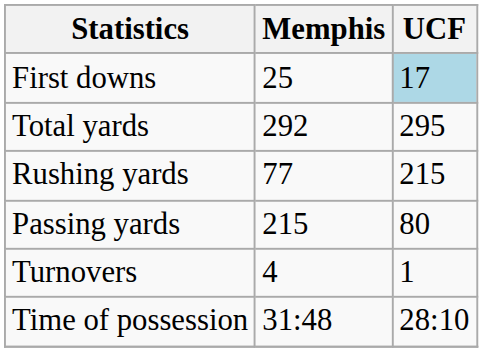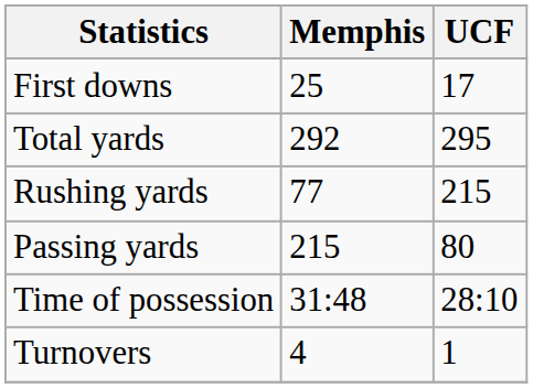 <table class="wikitable">
 <tr>
 <th>Statistics</th>
 <th>Memphis</th>
 <th>UCF</th>
 </tr>
 <tr>
 <td>First downs</td>
 <td>25</td>
-<td style="background: lightblue;">17</td>
+<td>17</td>
 </tr>
 <tr>
 <td>Total yards</td>
 <td>292</td>
 <td>295</td>
 </tr>
 <tr>
 <td>Rushing yards</td>
 <td>77</td>
 <td>215</td>
 </tr>
 <tr>
 <td>Passing yards</td>
 <td>215</td>
 <td>80</td>
 </tr>
 <tr>
+<td>Time of possession</td>
+<td>31:48</td>
+<td>28:10</td>
+</tr>
+<tr>
 <td>Turnovers</td>
 <td>4</td>
 <td>1</td>
 </tr>
 <tr>
-<td>Time of possession</td>
-<td>31:48</td>
-<td>28:10</td>
-</tr>
-<tr>
 </tr>
 </table>
